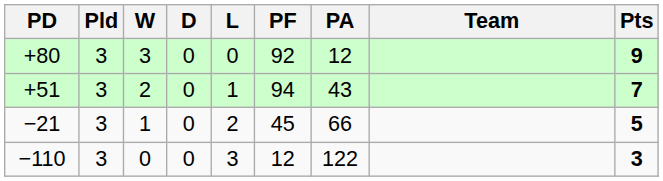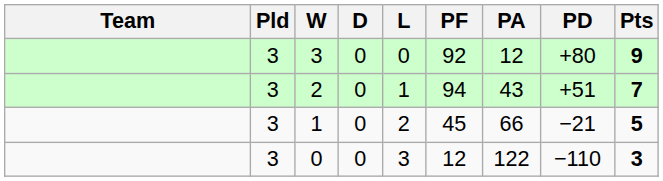 <table class="wikitable" style="text-align:center;">
 <tr>
-<th width=48 abbr="Points difference">PD</th>
+<th width=175>Team</th>
 <th width=25 abbr="Played">Pld</th>
 <th width=25 abbr="Won">W</th>
 <th width=25 abbr="Drawn">D</th>
 <th width=25 abbr="Lost">L</th>
 <th width=35 abbr="Points for">PF</th>
 <th width=35 abbr="Points against">PA</th>
-<th width=175>Team</th>
+<th width=48 abbr="Points difference">PD</th>
 <th width=25 abbr="Points">Pts</th>
 </tr>
 <tr bgcolor=ccffcc>
-<td>+80</td>
+<td align=left></td>
 <td>3</td>
 <td>3</td>
 <td>0</td>
 <td>0</td>
 <td>92</td>
 <td>12</td>
-<td align=left></td>
+<td>+80</td>
 <td><strong>9</strong></td>
 </tr>
 <tr bgcolor=ccffcc>
-<td>+51</td>
+<td align=left></td>
 <td>3</td>
 <td>2</td>
 <td>0</td>
 <td>1</td>
 <td>94</td>
 <td>43</td>
-<td align=left></td>
+<td>+51</td>
 <td><strong>7</strong></td>
 </tr>
 <tr>
-<td>−21</td>
+<td align=left></td>
 <td>3</td>
 <td>1</td>
 <td>0</td>
 <td>2</td>
 <td>45</td>
 <td>66</td>
-<td align=left></td>
+<td>−21</td>
 <td><strong>5</strong></td>
 </tr>
 <tr>
-<td>−110</td>
+<td align=left></td>
 <td>3</td>
 <td>0</td>
 <td>0</td>
 <td>3</td>
 <td>12</td>
 <td>122</td>
-<td align=left></td>
+<td>−110</td>
 <td><strong>3</strong></td>
 </tr>
 </table>
